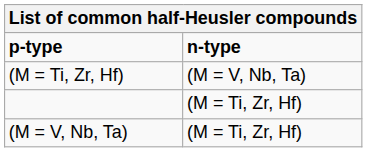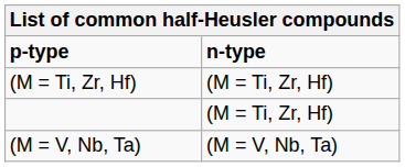 <table class="wikitable">
 <tr>
 <th colspan="2">List of common half-Heusler compounds</th>
 </tr>
 <tr>
 <td><strong>p-type</strong></td>
 <td><strong>n-type</strong></td>
 </tr>
 <tr>
 <td> (M = Ti, Zr, Hf)</td>
-<td> (M = V, Nb, Ta)</td>
+<td> (M = Ti, Zr, Hf)</td>
 </tr>
 <tr>
 <td></td>
 <td> (M = Ti, Zr, Hf)</td>
 </tr>
 <tr>
 <td> (M = V, Nb, Ta)</td>
-<td> (M = Ti, Zr, Hf)</td>
+<td> (M = V, Nb, Ta)</td>
 </tr>
 </table>
